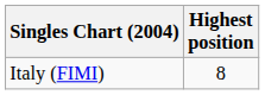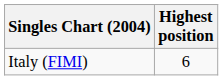 <table class="wikitable">
 <tr>
 <th align="center">Singles Chart (2004)</th>
 <th align="center">Highest<br>position</th>
 </tr>
 <tr>
 <td>Italy (<a href='#'>FIMI</a>)</td>
-<td align="center">8</td>
+<td align="center">6</td>
 </tr>
 </table>
